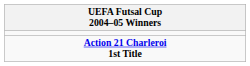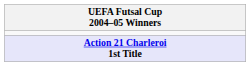 <table class="wikitable" style="text-align: center; margin: 0 auto; width: 20%">
 <tr>
 <th>UEFA Futsal Cup <br>2004–05 Winners</th>
 </tr>
 <tr>
 <td></td>
 </tr>
 <tr>
-<td><strong><a href='#'>Action 21 Charleroi</a></strong><br><strong>1st Title</strong></td>
+<td style="background: lavender;"><strong><a href='#'>Action 21 Charleroi</a></strong><br><strong>1st Title</strong></td>
 </tr>
 </table>
